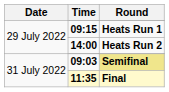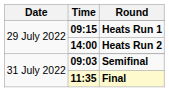 <table class="wikitable">
 <tr>
 <th>Date</th>
 <th>Time</th>
 <th>Round</th>
 </tr>
 <tr>
 <td rowspan=3>29 July 2022</td>
 </tr>
 <tr>
 <td><strong>09:15</strong></td>
 <td><strong>Heats Run 1</strong></td>
 </tr>
 <tr>
 <td><strong>14:00</strong></td>
 <td><strong>Heats Run 2</strong></td>
 </tr>
 <tr>
 <td rowspan=3>31 July 2022</td>
 </tr>
 <tr>
 <td><strong>09:03</strong></td>
-<td style="background: khaki;"><strong>Semifinal</strong></td>
+<td><strong>Semifinal</strong></td>
 </tr>
 <tr style=background:lemonchiffon>
 <td><strong>11:35</strong></td>
 <td><strong>Final</strong></td>
 </tr>
 </table>
